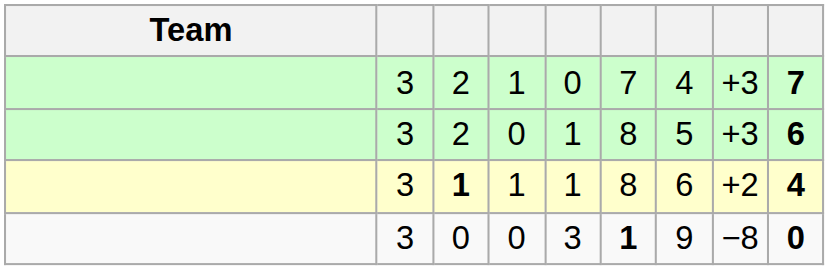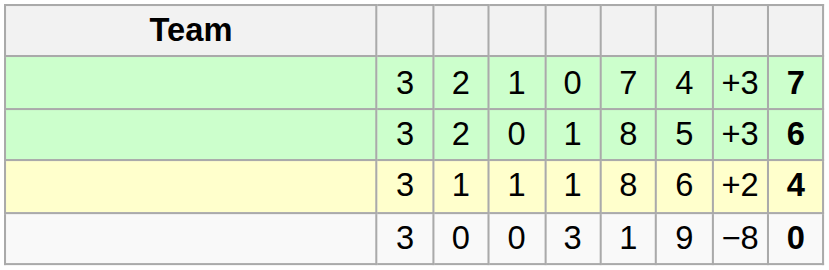 <table class="wikitable" style="text-align: center;">
 <tr>
 <th width="175">Team</th>
 <th width="20"></th>
 <th width="20"></th>
 <th width="20"></th>
 <th width="20"></th>
 <th width="20"></th>
 <th width="20"></th>
 <th width="20"></th>
 <th width="20"></th>
 </tr>
 <tr bgcolor=#ccffcc>
 <td align=left></td>
 <td>3</td>
 <td>2</td>
 <td>1</td>
 <td>0</td>
 <td>7</td>
 <td>4</td>
 <td>+3</td>
 <td><strong>7</strong></td>
 </tr>
 <tr bgcolor=#ccffcc>
 <td align=left></td>
 <td>3</td>
 <td>2</td>
 <td>0</td>
 <td>1</td>
 <td>8</td>
 <td>5</td>
 <td>+3</td>
 <td><strong>6</strong></td>
 </tr>
 <tr bgcolor=#ffffcc>
 <td align=left></td>
 <td>3</td>
-<td><strong>1</strong></td>
+<td>1</td>
 <td>1</td>
 <td>1</td>
 <td>8</td>
 <td>6</td>
 <td>+2</td>
 <td><strong>4</strong></td>
 </tr>
 <tr>
 <td align=left></td>
 <td>3</td>
 <td>0</td>
 <td>0</td>
 <td>3</td>
-<td><strong>1</strong></td>
+<td>1</td>
 <td>9</td>
 <td>−8</td>
 <td><strong>0</strong></td>
 </tr>
 </table>
